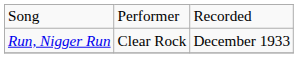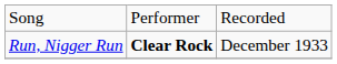 <table class="wikitable">
 <tr>
 <td>Song</td>
 <td>Performer</td>
 <td>Recorded</td>
 </tr>
 <tr>
 <td><em><a href='#'>Run, Nigger Run</a></em></td>
-<td>Clear Rock</td>
+<td><strong>Clear Rock</strong></td>
 <td>December 1933</td>
 </tr>
 <tr>
 </tr>
 </table>
